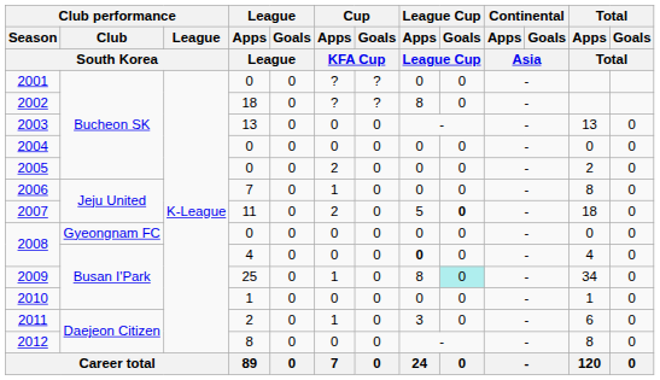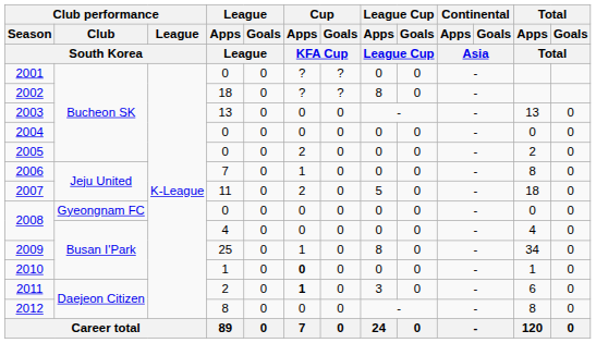 <table class="wikitable" style="text-align:center">
 <tr>
 <th colspan=3>Club performance</th>
 <th colspan=2>League</th>
 <th colspan=2>Cup</th>
 <th colspan=2>League Cup</th>
 <th colspan=2>Continental</th>
 <th colspan=2>Total</th>
 </tr>
 <tr>
 <th>Season</th>
 <th>Club</th>
 <th>League</th>
 <th>Apps</th>
 <th>Goals</th>
 <th>Apps</th>
 <th>Goals</th>
 <th>Apps</th>
 <th>Goals</th>
 <th>Apps</th>
 <th>Goals</th>
 <th>Apps</th>
 <th>Goals</th>
 </tr>
 <tr>
 <th colspan=3>South Korea</th>
 <th colspan=2>League</th>
 <th colspan=2><a href='#'>KFA Cup</a></th>
 <th colspan=2><a href='#'>League Cup</a></th>
 <th colspan=2><a href='#'>Asia</a></th>
 <th colspan=2>Total</th>
 </tr>
 <tr>
 <td><a href='#'>2001</a></td>
 <td rowspan="5"><a href='#'>Bucheon SK</a></td>
 <td rowspan="13"><a href='#'>K-League</a></td>
 <td>0</td>
 <td>0</td>
 <td>?</td>
 <td>?</td>
 <td>0</td>
 <td>0</td>
 <td colspan="2">-</td>
 <td></td>
 <td></td>
 </tr>
 <tr>
 <td><a href='#'>2002</a></td>
 <td>18</td>
 <td>0</td>
 <td>?</td>
 <td>?</td>
 <td>8</td>
 <td>0</td>
 <td colspan="2">-</td>
 <td></td>
 <td></td>
 </tr>
 <tr>
 <td><a href='#'>2003</a></td>
 <td>13</td>
 <td>0</td>
 <td>0</td>
 <td>0</td>
 <td colspan="2">-</td>
 <td colspan="2">-</td>
 <td>13</td>
 <td>0</td>
 </tr>
 <tr>
 <td><a href='#'>2004</a></td>
 <td>0</td>
 <td>0</td>
 <td>0</td>
 <td>0</td>
 <td>0</td>
 <td>0</td>
 <td colspan="2">-</td>
 <td>0</td>
 <td>0</td>
 </tr>
 <tr>
 <td><a href='#'>2005</a></td>
 <td>0</td>
 <td>0</td>
 <td>2</td>
 <td>0</td>
 <td>0</td>
 <td>0</td>
 <td colspan="2">-</td>
 <td>2</td>
 <td>0</td>
 </tr>
 <tr>
 <td><a href='#'>2006</a></td>
 <td rowspan="2"><a href='#'>Jeju United</a></td>
 <td>7</td>
 <td>0</td>
 <td>1</td>
 <td>0</td>
 <td>0</td>
 <td>0</td>
 <td colspan="2">-</td>
 <td>8</td>
 <td>0</td>
 </tr>
 <tr>
 <td><a href='#'>2007</a></td>
 <td>11</td>
 <td>0</td>
 <td>2</td>
 <td>0</td>
 <td>5</td>
-<td><strong>0</strong></td>
+<td>0</td>
 <td colspan="2">-</td>
 <td>18</td>
 <td>0</td>
 </tr>
 <tr>
 <td rowspan=2><a href='#'>2008</a></td>
 <td><a href='#'>Gyeongnam FC</a></td>
 <td>0</td>
 <td>0</td>
 <td>0</td>
 <td>0</td>
 <td>0</td>
 <td>0</td>
 <td colspan="2">-</td>
 <td>0</td>
 <td>0</td>
 </tr>
 <tr>
 <td rowspan="3"><a href='#'>Busan I'Park</a></td>
 <td>4</td>
 <td>0</td>
 <td>0</td>
 <td>0</td>
-<td><strong>0</strong></td>
+<td>0</td>
 <td>0</td>
 <td colspan="2">-</td>
 <td>4</td>
 <td>0</td>
 </tr>
 <tr>
 <td><a href='#'>2009</a></td>
 <td>25</td>
 <td>0</td>
 <td>1</td>
 <td>0</td>
 <td>8</td>
-<td style="background: paleturquoise;">0</td>
+<td>0</td>
 <td colspan="2">-</td>
 <td>34</td>
 <td>0</td>
 </tr>
 <tr>
 <td><a href='#'>2010</a></td>
 <td>1</td>
 <td>0</td>
-<td>0</td>
+<td><strong>0</strong></td>
 <td>0</td>
 <td>0</td>
 <td>0</td>
 <td colspan="2">-</td>
 <td>1</td>
 <td>0</td>
 </tr>
 <tr>
 <td><a href='#'>2011</a></td>
 <td rowspan="2"><a href='#'>Daejeon Citizen</a></td>
 <td>2</td>
 <td>0</td>
-<td>1</td>
+<td><strong>1</strong></td>
 <td>0</td>
 <td>3</td>
 <td>0</td>
 <td colspan="2">-</td>
 <td>6</td>
 <td>0</td>
 </tr>
 <tr>
 <td><a href='#'>2012</a></td>
 <td>8</td>
 <td>0</td>
 <td>0</td>
 <td>0</td>
 <td colspan="2">-</td>
 <td colspan="2">-</td>
 <td>8</td>
 <td>0</td>
 </tr>
 <tr>
 <th colspan=3>Career total</th>
 <th>89</th>
 <th>0</th>
 <th>7</th>
 <th>0</th>
 <th>24</th>
 <th>0</th>
 <th colspan="2">-</th>
 <th>120</th>
 <th>0</th>
 </tr>
 </table>
